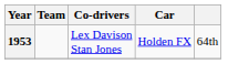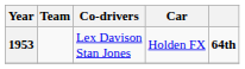 <table class="wikitable" style="text-align:center; font-size:90%">
 <tr>
 <th>Year</th>
 <th>Team</th>
 <th>Co-drivers</th>
 <th>Car</th>
 <th></th>
 </tr>
 <tr>
 <th>1953</th>
 <td align="left"></td>
 <td align="left"> <a href='#'>Lex Davison</a><br> <a href='#'>Stan Jones</a></td>
 <td align="left"><a href='#'>Holden FX</a></td>
-<td>64th</td>
+<td><strong>64th</strong></td>
 </tr>
 <tr>
 </tr>
 </table>
